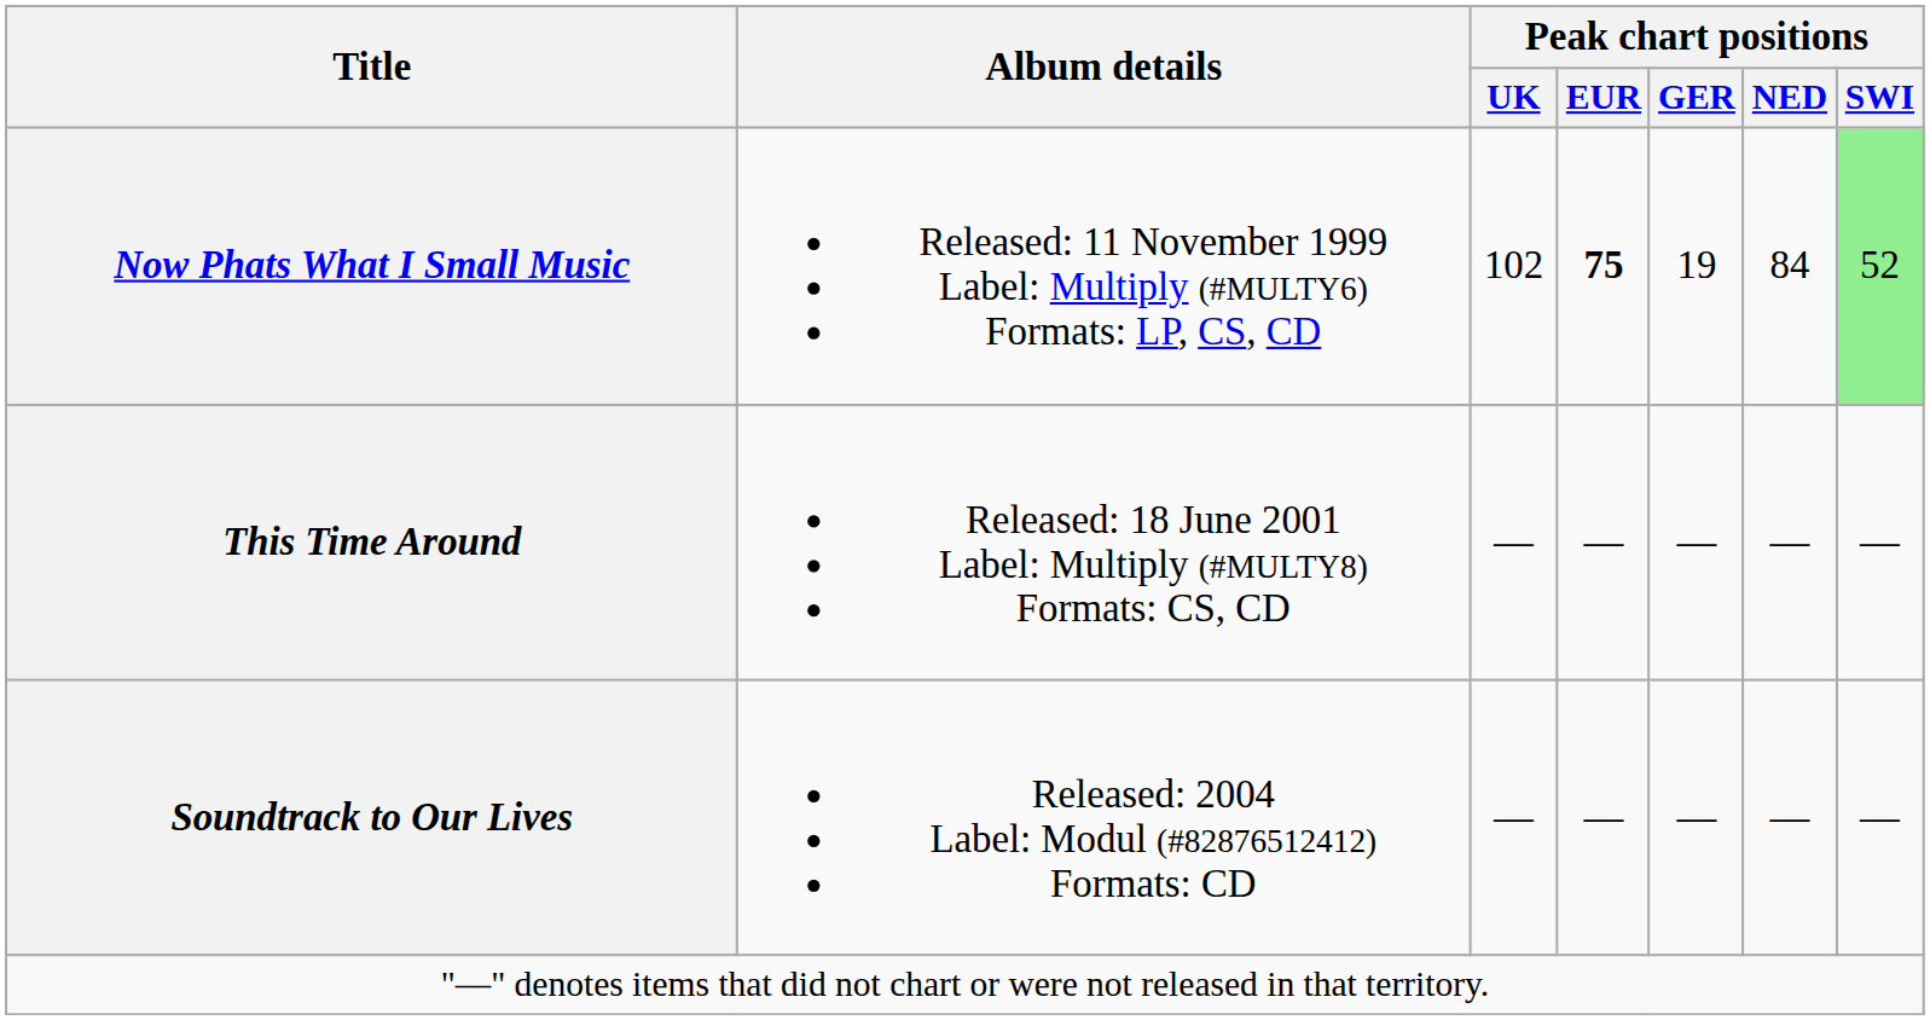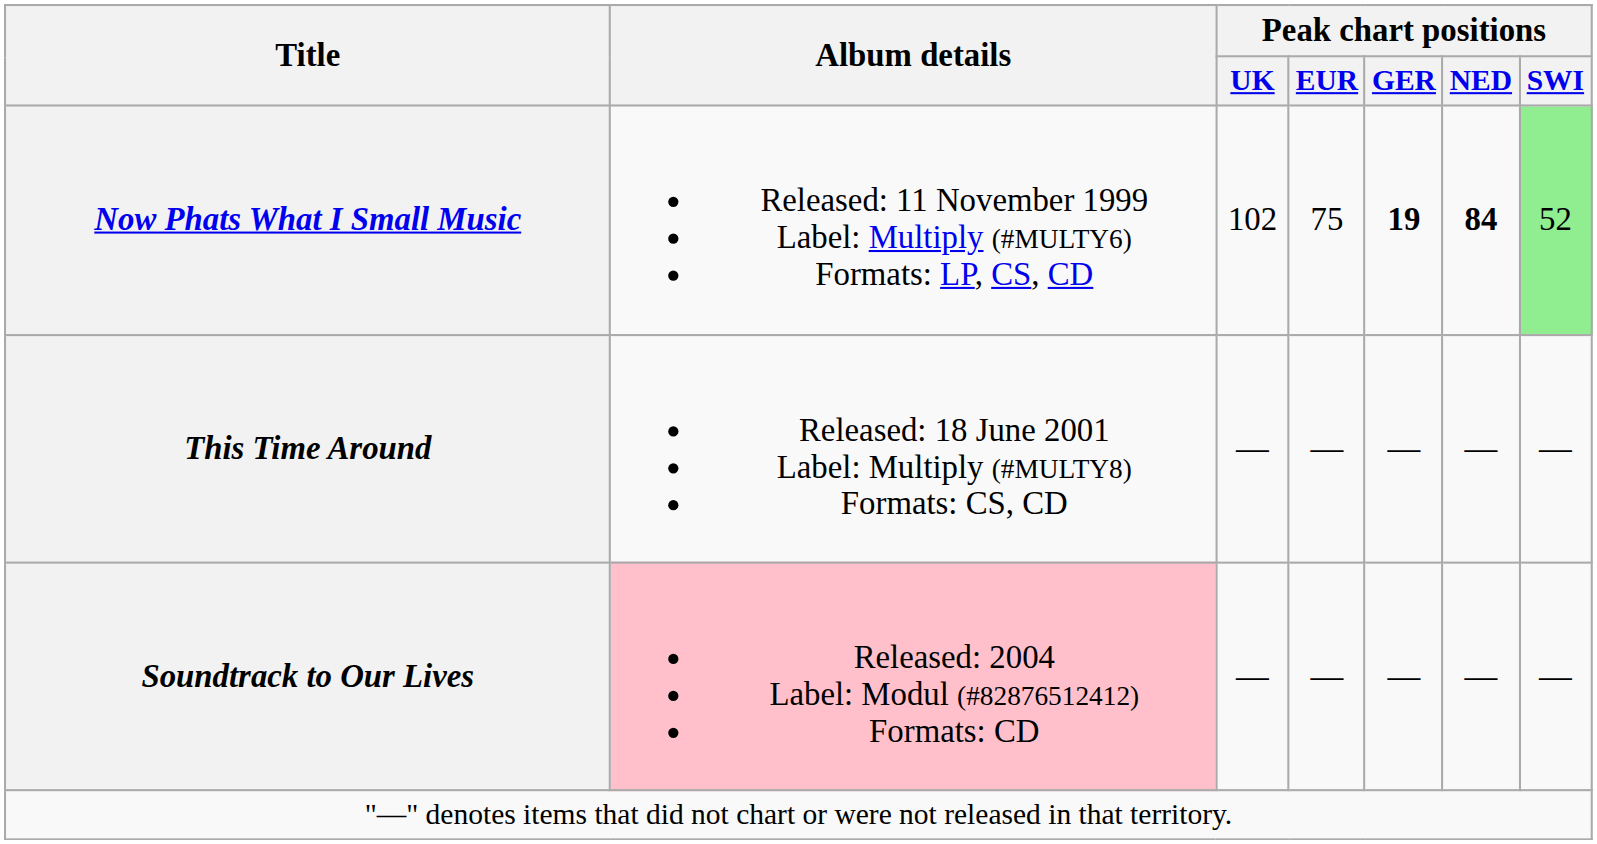 <table class="wikitable plainrowheaders" style="text-align:center;">
 <tr>
 <th scope="col" rowspan="2" style="width:18em;">Title</th>
 <th scope="col" rowspan="2" style="width:18em;">Album details</th>
 <th scope="col" colspan="5">Peak chart positions</th>
 </tr>
 <tr>
 <th style="width:2em;font-size:90%;"><a href='#'>UK</a><br></th>
 <th style="width:2em;font-size:90%;"><a href='#'>EUR</a><br></th>
 <th style="width:2em;font-size:90%;"><a href='#'>GER</a><br></th>
 <th style="width:2em;font-size:90%;"><a href='#'>NED</a><br></th>
 <th style="width:2em;font-size:90%;"><a href='#'>SWI</a><br></th>
 </tr>
 <tr>
 <th scope="row"><em><a href='#'>Now Phats What I Small Music</a></em></th>
 <td><br><ul><li>Released: 11 November 1999</li><li>Label: <a href='#'>Multiply</a> <small>(#MULTY6)</small></li><li>Formats: <a href='#'>LP</a>, <a href='#'>CS</a>, <a href='#'>CD</a></li></ul></td>
 <td>102</td>
-<td><strong>75</strong></td>
-<td>19</td>
-<td>84</td>
+<td>75</td>
+<td><strong>19</strong></td>
+<td><strong>84</strong></td>
 <td style="background: lightgreen;">52</td>
 </tr>
 <tr>
 <th scope="row"><em>This Time Around</em></th>
 <td><br><ul><li>Released: 18 June 2001</li><li>Label: Multiply <small>(#MULTY8)</small></li><li>Formats: CS, CD</li></ul></td>
 <td>—</td>
 <td>—</td>
 <td>—</td>
 <td>—</td>
 <td>—</td>
 </tr>
 <tr>
 <th scope="row"><em>Soundtrack to Our Lives</em></th>
-<td><br><ul><li>Released: 2004</li><li>Label: Modul <small>(#82876512412)</small></li><li>Formats: CD</li></ul></td>
+<td style="background: pink;"><br><ul><li>Released: 2004</li><li>Label: Modul <small>(#82876512412)</small></li><li>Formats: CD</li></ul></td>
 <td>—</td>
 <td>—</td>
 <td>—</td>
 <td>—</td>
 <td>—</td>
 </tr>
 <tr>
 <td align="center" colspan="15" style="font-size:90%">"—" denotes items that did not chart or were not released in that territory.</td>
 </tr>
 </table>
